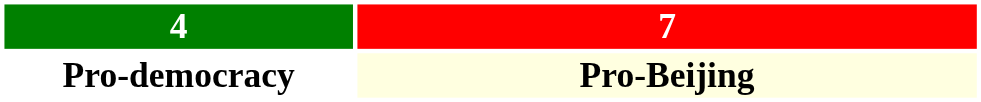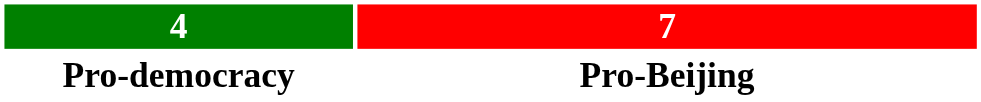 <table style="width:50%; text-align:center;">
 <tr style="color:white;">
 <td style="background:green; width:36%;"><strong>4</strong></td>
 <td style="background:red; width:64%;"><strong>7</strong></td>
 </tr>
 <tr>
 <td><span><strong>Pro-democracy</strong></span></td>
-<td style="background: lightyellow;"><span><strong>Pro-Beijing</strong></span></td>
+<td><span><strong>Pro-Beijing</strong></span></td>
 </tr>
 </table>
